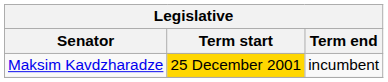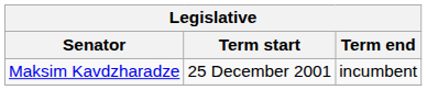 <table class="wikitable sortable">
 <tr>
 <th colspan=3>Legislative</th>
 </tr>
 <tr>
 <th>Senator</th>
 <th>Term start</th>
 <th>Term end</th>
 </tr>
 <tr>
 <td><a href='#'>Maksim Kavdzharadze</a></td>
-<td style="background: gold;">25 December 2001</td>
+<td>25 December 2001</td>
 <td>incumbent</td>
 </tr>
 <tr>
 </tr>
 </table>
